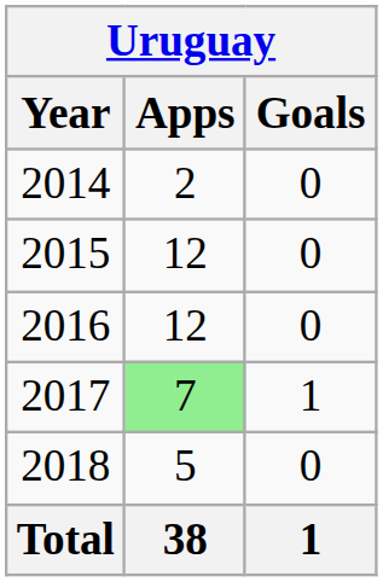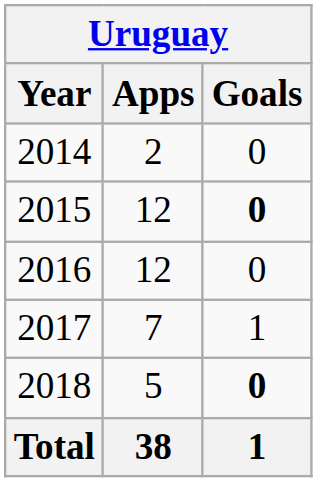 <table class="wikitable" style="text-align:center">
 <tr>
 <th colspan=3><a href='#'>Uruguay</a></th>
 </tr>
 <tr>
 <th>Year</th>
 <th>Apps</th>
 <th>Goals</th>
 </tr>
 <tr>
 <td>2014</td>
 <td>2</td>
 <td>0</td>
 </tr>
 <tr>
 <td>2015</td>
 <td>12</td>
-<td>0</td>
+<td><strong>0</strong></td>
 </tr>
 <tr>
 <td>2016</td>
 <td>12</td>
 <td>0</td>
 </tr>
 <tr>
 <td>2017</td>
-<td style="background: lightgreen;">7</td>
+<td>7</td>
 <td>1</td>
 </tr>
 <tr>
 <td>2018</td>
 <td>5</td>
-<td>0</td>
+<td><strong>0</strong></td>
 </tr>
 <tr>
 <th>Total</th>
 <th>38</th>
 <th>1</th>
 </tr>
 </table>
